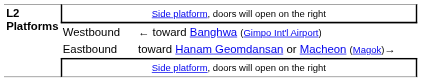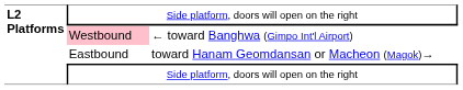 <table table border=0 cellspacing=0 cellpadding=3>
 <tr>
 <td style="border-top:solid 1px gray;border-bottom:solid 1px gray;" width=50 rowspan=10 valign=top><strong>L2<br>Platforms</strong></td>
 <td style="border-top:solid 1px gray;border-right:solid 2px black;border-left:solid 2px black;border-bottom:solid 2px black;text-align:center;" colspan=2><small><a href='#'>Side platform</a>, doors will open on the right</small></td>
 </tr>
 <tr>
-<td style="border-bottom:solid 0px gray;border-top:solid 1px gray;" width=100>Westbound</td>
+<td style="background: pink; border-bottom:solid 0px gray;border-top:solid 1px gray;" width=100>Westbound</td>
 <td style="border-bottom:solid 0px gray;border-top:solid 1px gray;" width=390>←  toward <a href='#'>Banghwa</a> <small>(<a href='#'>Gimpo Int'l Airport</a>)</small></td>
 </tr>
 <tr>
 <td>Eastbound</td>
 <td>  toward <a href='#'>Hanam Geomdansan</a> or <a href='#'>Macheon</a> <small>(<a href='#'>Magok</a>)</small>→</td>
 </tr>
 <tr>
 <td style="border-top:solid 2px black;border-right:solid 2px black;border-left:solid 2px black;border-bottom:solid 1px gray;text-align:center;" colspan=2><small><a href='#'>Side platform</a>, doors will open on the right</small></td>
 </tr>
 </table>
